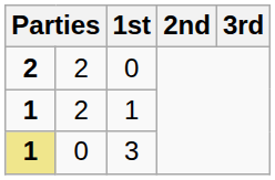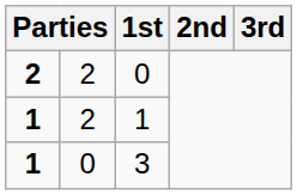 <table class="wikitable" style="text-align:center;">
 <tr>
 <th colspan=2 style="text-align:left;">Parties</th>
 <th>1st</th>
 <th>2nd</th>
 <th>3rd</th>
 </tr>
 <tr>
 <td><strong>2</strong></td>
 <td>2</td>
 <td>0</td>
 </tr>
 <tr>
 <td><strong>1</strong></td>
 <td>2</td>
 <td>1</td>
 </tr>
 <tr>
-<td style="background: khaki;"><strong>1</strong></td>
+<td><strong>1</strong></td>
 <td>0</td>
 <td>3</td>
 </tr>
 </table>
